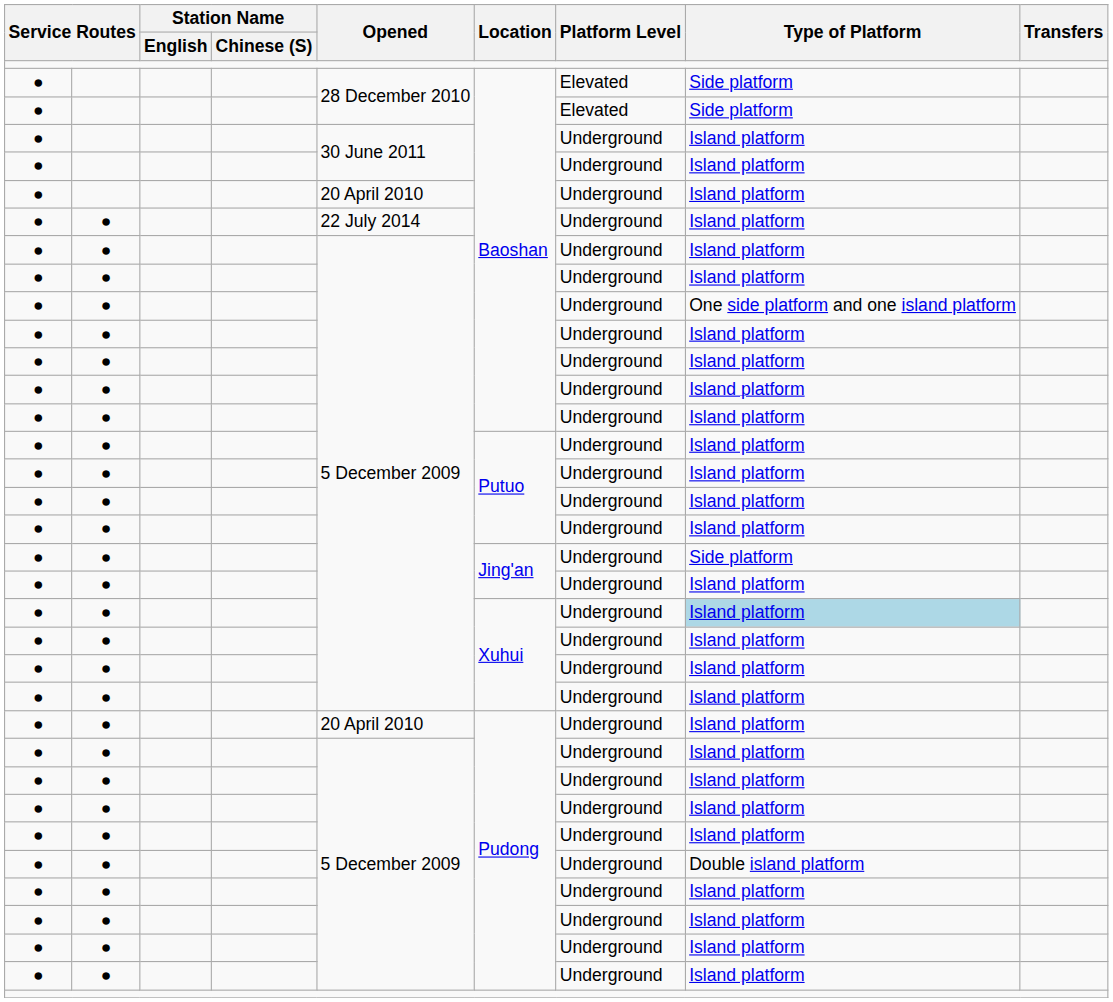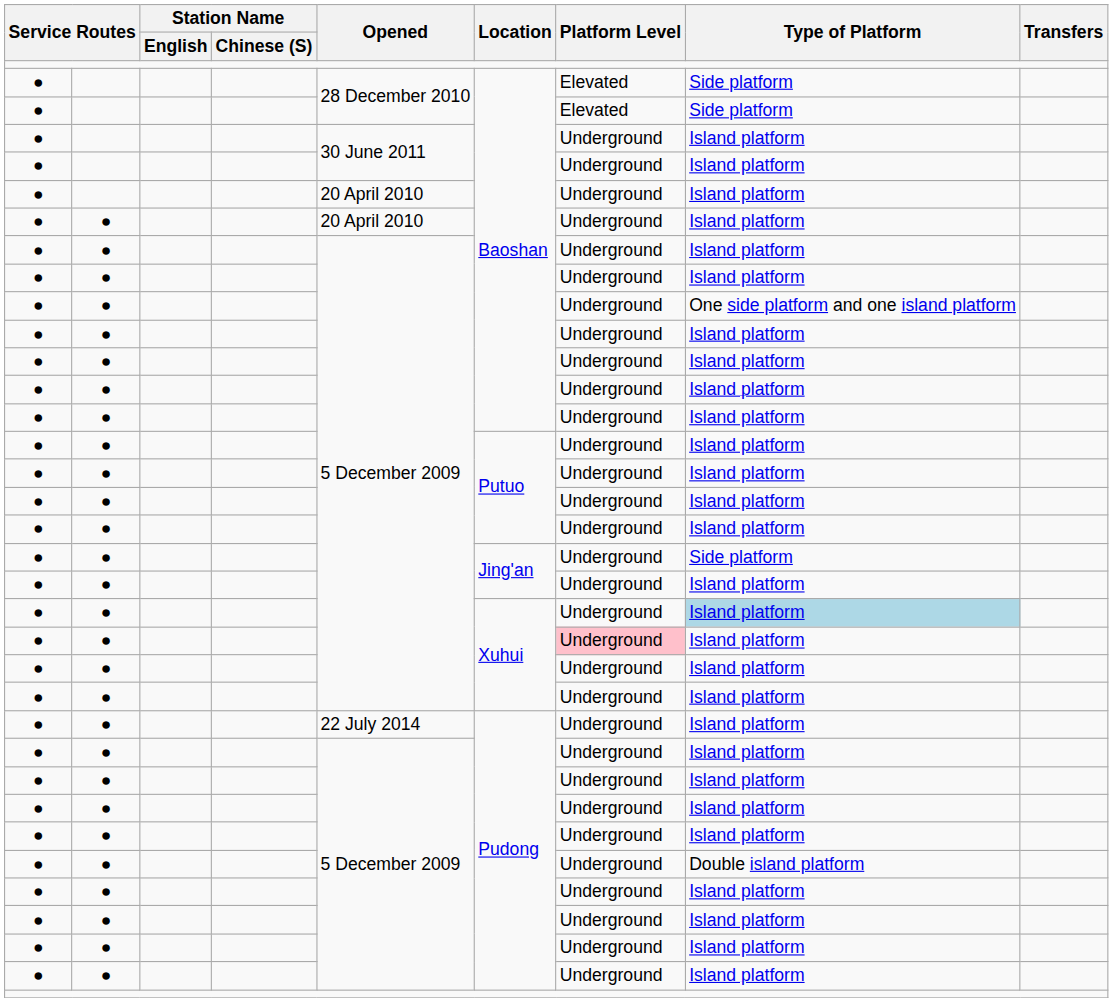 <table class=wikitable>
 <tr>
 <th colspan=2 rowspan=2 style="text-align:center;">Service Routes</th>
 <th colspan=2 style="text-align:center;">Station Name</th>
 <th rowspan=2>Opened</th>
 <th rowspan=2 style="text-align:center;">Location</th>
 <th rowspan=2>Platform Level</th>
 <th rowspan=2>Type of Platform</th>
 <th rowspan=2 style="text-align:center;">Transfers</th>
 </tr>
 <tr>
 <th>English</th>
 <th>Chinese (S)</th>
 </tr>
 <tr style=background:#>
 <td colspan=9></td>
 </tr>
 <tr>
 <td align=center>●</td>
 <td align=center></td>
 <td></td>
 <td><span></span></td>
 <td rowspan=2>28 December 2010</td>
 <td rowspan=13><a href='#'>Baoshan</a></td>
 <td>Elevated</td>
 <td><a href='#'>Side platform</a></td>
 <td></td>
 </tr>
 <tr>
 <td align=center>●</td>
 <td align=center></td>
 <td></td>
 <td><span></span></td>
 <td>Elevated</td>
 <td><a href='#'>Side platform</a></td>
 <td></td>
 </tr>
 <tr>
 <td align=center>●</td>
 <td align=center></td>
 <td></td>
 <td><span></span></td>
 <td rowspan=2>30 June 2011</td>
 <td>Underground</td>
 <td><a href='#'>Island platform</a></td>
 <td></td>
 </tr>
 <tr>
 <td align=center>●</td>
 <td align=center></td>
 <td></td>
 <td><span></span></td>
 <td>Underground</td>
 <td><a href='#'>Island platform</a></td>
 <td></td>
 </tr>
 <tr>
 <td align=center>●</td>
 <td align=center></td>
 <td></td>
 <td><span></span></td>
 <td>20 April 2010</td>
 <td>Underground</td>
 <td><a href='#'>Island platform</a></td>
 <td></td>
 </tr>
 <tr>
 <td align=center>●</td>
 <td align=center>●</td>
 <td></td>
 <td><span></span></td>
-<td>22 July 2014</td>
+<td>20 April 2010</td>
 <td>Underground</td>
 <td><a href='#'>Island platform</a></td>
 <td></td>
 </tr>
 <tr>
 <td align=center>●</td>
 <td align=center>●</td>
 <td></td>
 <td><span></span></td>
 <td rowspan=17>5 December 2009</td>
 <td>Underground</td>
 <td><a href='#'>Island platform</a></td>
 <td></td>
 </tr>
 <tr>
 <td align=center>●</td>
 <td align=center>●</td>
 <td></td>
 <td><span></span></td>
 <td>Underground</td>
 <td><a href='#'>Island platform</a></td>
 <td></td>
 </tr>
 <tr>
 <td align=center>●</td>
 <td align=center>●</td>
 <td></td>
 <td><span></span></td>
 <td>Underground</td>
 <td>One <a href='#'>side platform</a> and one <a href='#'>island platform</a></td>
 <td></td>
 </tr>
 <tr>
 <td align=center>●</td>
 <td align=center>●</td>
 <td></td>
 <td><span></span></td>
 <td>Underground</td>
 <td><a href='#'>Island platform</a></td>
 <td></td>
 </tr>
 <tr>
 <td align=center>●</td>
 <td align=center>●</td>
 <td></td>
 <td><span></span></td>
 <td>Underground</td>
 <td><a href='#'>Island platform</a></td>
 <td></td>
 </tr>
 <tr>
 <td align=center>●</td>
 <td align=center>●</td>
 <td></td>
 <td><span></span></td>
 <td>Underground</td>
 <td><a href='#'>Island platform</a></td>
 <td></td>
 </tr>
 <tr>
 <td align=center>●</td>
 <td align=center>●</td>
 <td></td>
 <td><span></span></td>
 <td>Underground</td>
 <td><a href='#'>Island platform</a></td>
 <td></td>
 </tr>
 <tr>
 <td align=center>●</td>
 <td align=center>●</td>
 <td></td>
 <td><span></span></td>
 <td rowspan=4><a href='#'>Putuo</a></td>
 <td>Underground</td>
 <td><a href='#'>Island platform</a></td>
 <td></td>
 </tr>
 <tr>
 <td align=center>●</td>
 <td align=center>●</td>
 <td></td>
 <td><span></span></td>
 <td>Underground</td>
 <td><a href='#'>Island platform</a></td>
 <td></td>
 </tr>
 <tr>
 <td align=center>●</td>
 <td align=center>●</td>
 <td></td>
 <td><span></span></td>
 <td>Underground</td>
 <td><a href='#'>Island platform</a></td>
 <td></td>
 </tr>
 <tr>
 <td align=center>●</td>
 <td align=center>●</td>
 <td></td>
 <td><span></span></td>
 <td>Underground</td>
 <td><a href='#'>Island platform</a></td>
 <td></td>
 </tr>
 <tr>
 <td align=center>●</td>
 <td align=center>●</td>
 <td></td>
 <td><span></span></td>
 <td rowspan=2><a href='#'>Jing'an</a></td>
 <td>Underground</td>
 <td><a href='#'>Side platform</a></td>
 <td></td>
 </tr>
 <tr>
 <td align=center>●</td>
 <td align=center>●</td>
 <td></td>
 <td><span></span></td>
 <td>Underground</td>
 <td><a href='#'>Island platform</a></td>
 <td></td>
 </tr>
 <tr>
 <td align=center>●</td>
 <td align=center>●</td>
 <td></td>
 <td><span></span></td>
 <td rowspan=4><a href='#'>Xuhui</a></td>
 <td>Underground</td>
 <td style="background: lightblue;"><a href='#'>Island platform</a></td>
 <td></td>
 </tr>
 <tr>
 <td align=center>●</td>
 <td align=center>●</td>
 <td></td>
 <td><span></span></td>
-<td>Underground</td>
+<td style="background: pink;">Underground</td>
 <td><a href='#'>Island platform</a></td>
 <td></td>
 </tr>
 <tr>
 <td align=center>●</td>
 <td align=center>●</td>
 <td></td>
 <td><span></span></td>
 <td>Underground</td>
 <td><a href='#'>Island platform</a></td>
 <td></td>
 </tr>
 <tr>
 <td align=center>●</td>
 <td align=center>●</td>
 <td></td>
 <td><span></span></td>
 <td>Underground</td>
 <td><a href='#'>Island platform</a></td>
 <td></td>
 </tr>
 <tr>
 <td align=center>●</td>
 <td align=center>●</td>
 <td></td>
 <td><span></span></td>
-<td>20 April 2010</td>
+<td>22 July 2014</td>
 <td rowspan=10><a href='#'>Pudong</a></td>
 <td>Underground</td>
 <td><a href='#'>Island platform</a></td>
 <td></td>
 </tr>
 <tr>
 <td align=center>●</td>
 <td align=center>●</td>
 <td></td>
 <td><span></span></td>
 <td rowspan=9>5 December 2009</td>
 <td>Underground</td>
 <td><a href='#'>Island platform</a></td>
 <td></td>
 </tr>
 <tr>
 <td align=center>●</td>
 <td align=center>●</td>
 <td></td>
 <td><span></span></td>
 <td>Underground</td>
 <td><a href='#'>Island platform</a></td>
 <td></td>
 </tr>
 <tr>
 <td align=center>●</td>
 <td align=center>●</td>
 <td></td>
 <td><span></span></td>
 <td>Underground</td>
 <td><a href='#'>Island platform</a></td>
 <td></td>
 </tr>
 <tr>
 <td align=center>●</td>
 <td align=center>●</td>
 <td></td>
 <td><span></span></td>
 <td>Underground</td>
 <td><a href='#'>Island platform</a></td>
 <td></td>
 </tr>
 <tr>
 <td align=center>●</td>
 <td align=center>●</td>
 <td></td>
 <td><span></span></td>
 <td>Underground</td>
 <td>Double <a href='#'>island platform</a></td>
 <td></td>
 </tr>
 <tr>
 <td align=center>●</td>
 <td align=center>●</td>
 <td></td>
 <td><span></span></td>
 <td>Underground</td>
 <td><a href='#'>Island platform</a></td>
 <td></td>
 </tr>
 <tr>
 <td align=center>●</td>
 <td align=center>●</td>
 <td></td>
 <td><span></span></td>
 <td>Underground</td>
 <td><a href='#'>Island platform</a></td>
 <td></td>
 </tr>
 <tr>
 <td align=center>●</td>
 <td align=center>●</td>
 <td></td>
 <td><span></span></td>
 <td>Underground</td>
 <td><a href='#'>Island platform</a></td>
 <td><br></td>
 </tr>
 <tr>
 <td align=center>●</td>
 <td align=center>●</td>
 <td></td>
 <td><span></span></td>
 <td>Underground</td>
 <td><a href='#'>Island platform</a></td>
 <td></td>
 </tr>
 <tr style=background:#>
 <td colspan=9></td>
 </tr>
 </table>
